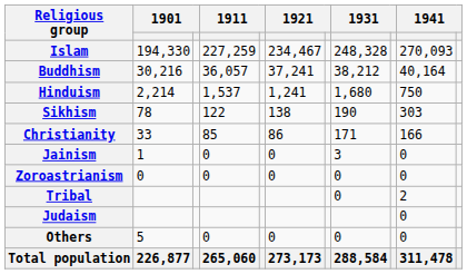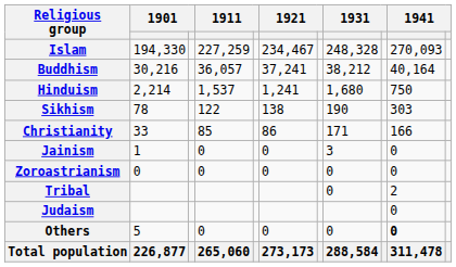 <table class="wikitable sortable">
 <tr>
 <th rowspan="2"><a href='#'>Religious</a><br>group</th>
 <th colspan="2">1901</th>
 <th colspan="2">1911</th>
 <th colspan="2">1921</th>
 <th colspan="2">1931</th>
 <th colspan="2">1941</th>
 </tr>
 <tr>
 <th><a href='#'></a></th>
 <th></th>
 <th></th>
 <th></th>
 <th></th>
 <th></th>
 <th></th>
 <th></th>
 <th></th>
 <th></th>
 </tr>
 <tr>
 <th><a href='#'>Islam</a> </th>
 <td>194,330</td>
 <td></td>
 <td>227,259</td>
 <td></td>
 <td>234,467</td>
 <td></td>
 <td>248,328</td>
 <td></td>
 <td>270,093</td>
 <td></td>
 </tr>
 <tr>
 <th><a href='#'>Buddhism</a> </th>
 <td>30,216</td>
 <td></td>
 <td>36,057</td>
 <td></td>
 <td>37,241</td>
 <td></td>
 <td>38,212</td>
 <td></td>
 <td>40,164</td>
 <td></td>
 </tr>
 <tr>
 <th><a href='#'>Hinduism</a> </th>
 <td>2,214</td>
 <td></td>
 <td>1,537</td>
 <td></td>
 <td>1,241</td>
 <td></td>
 <td>1,680</td>
 <td></td>
 <td>750</td>
 <td></td>
 </tr>
 <tr>
 <th><a href='#'>Sikhism</a> </th>
 <td>78</td>
 <td></td>
 <td>122</td>
 <td></td>
 <td>138</td>
 <td></td>
 <td>190</td>
 <td></td>
 <td>303</td>
 <td></td>
 </tr>
 <tr>
 <th><a href='#'>Christianity</a> </th>
 <td>33</td>
 <td></td>
 <td>85</td>
 <td></td>
 <td>86</td>
 <td></td>
 <td>171</td>
 <td></td>
 <td>166</td>
 <td></td>
 </tr>
 <tr>
 <th><a href='#'>Jainism</a> </th>
 <td>1</td>
 <td></td>
 <td>0</td>
 <td></td>
 <td>0</td>
 <td></td>
 <td>3</td>
 <td></td>
 <td>0</td>
 <td></td>
 </tr>
 <tr>
 <th><a href='#'>Zoroastrianism</a> </th>
 <td>0</td>
 <td></td>
 <td>0</td>
 <td></td>
 <td>0</td>
 <td></td>
 <td>0</td>
 <td></td>
 <td>0</td>
 <td></td>
 </tr>
 <tr>
 <th><a href='#'>Tribal</a></th>
 <td></td>
 <td></td>
 <td></td>
 <td></td>
 <td></td>
 <td></td>
 <td>0</td>
 <td></td>
 <td>2</td>
 <td></td>
 </tr>
 <tr>
 <th><a href='#'>Judaism</a> </th>
 <td></td>
 <td></td>
 <td></td>
 <td></td>
 <td></td>
 <td></td>
 <td></td>
 <td></td>
 <td>0</td>
 <td></td>
 </tr>
 <tr>
 <th>Others</th>
 <td>5</td>
 <td></td>
 <td>0</td>
 <td></td>
 <td>0</td>
 <td></td>
 <td>0</td>
 <td></td>
-<td>0</td>
+<td><strong>0</strong></td>
 <td></td>
 </tr>
 <tr>
 <th>Total population</th>
 <th>226,877</th>
 <th></th>
 <th>265,060</th>
 <th></th>
 <th>273,173</th>
 <th></th>
 <th>288,584</th>
 <th></th>
 <th>311,478</th>
 <th></th>
 </tr>
 </table>
